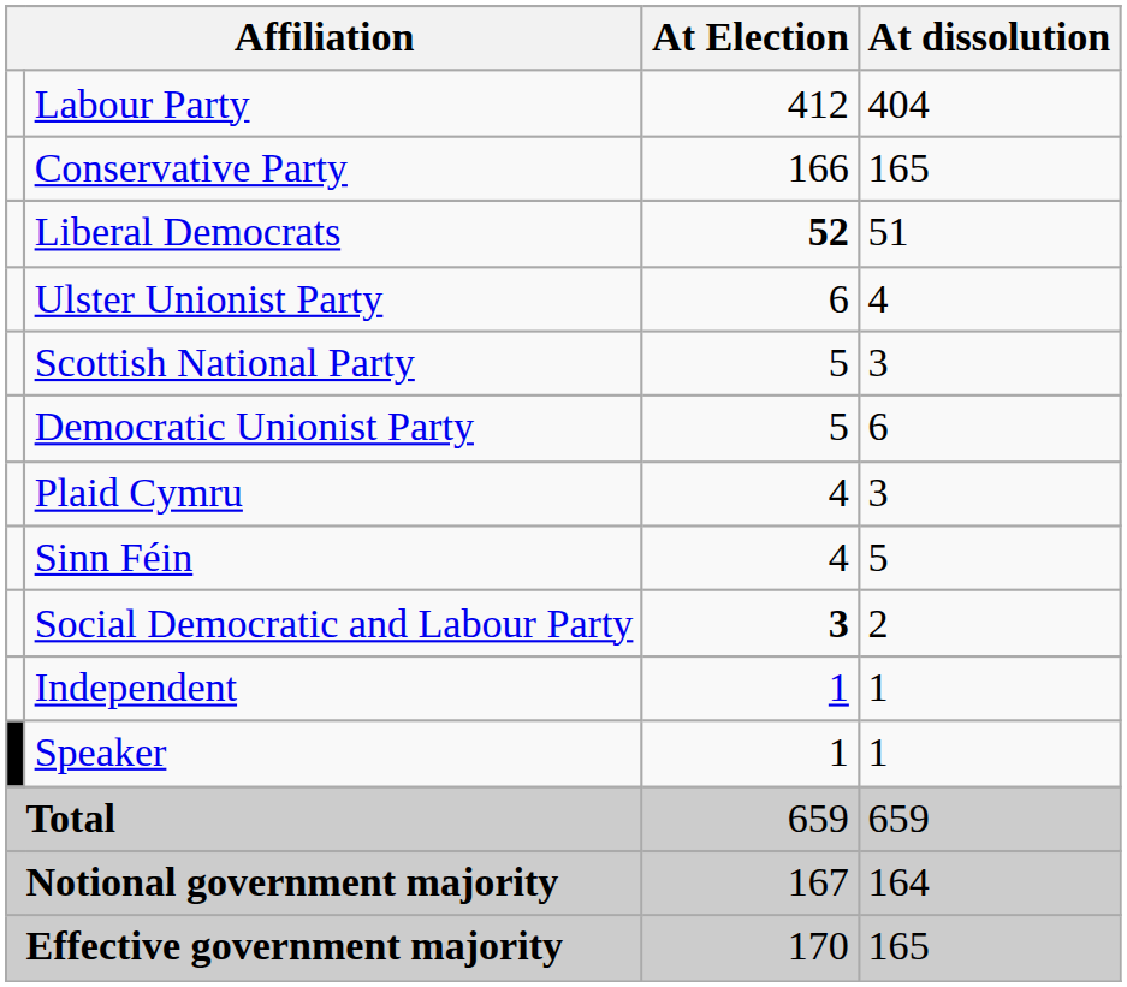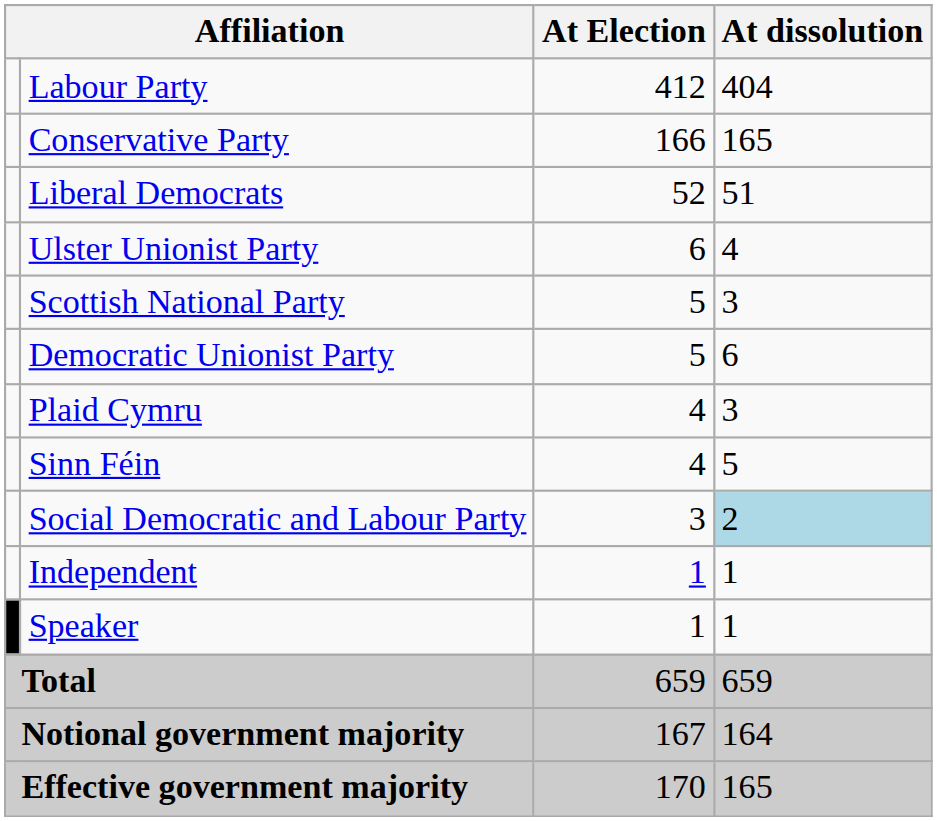 <table class="wikitable">
 <tr>
 <th colspan="2">Affiliation</th>
 <th>At Election</th>
 <th>At dissolution</th>
 </tr>
 <tr>
 <td style="color:inherit;background:"></td>
 <td><a href='#'>Labour Party</a></td>
 <td align="right">412</td>
 <td>404</td>
 </tr>
 <tr>
 <td style="color:inherit;background:"></td>
 <td><a href='#'>Conservative Party</a></td>
 <td align="right">166</td>
 <td>165</td>
 </tr>
 <tr>
 <td style="color:inherit;background:"></td>
 <td><a href='#'>Liberal Democrats</a></td>
-<td align="right"><strong>52</strong></td>
+<td align="right">52</td>
 <td>51</td>
 </tr>
 <tr>
 <td style="color:inherit;background:"></td>
 <td><a href='#'>Ulster Unionist Party</a></td>
 <td align="right">6</td>
 <td>4</td>
 </tr>
 <tr>
 <td style="color:inherit;background:"></td>
 <td><a href='#'>Scottish National Party</a></td>
 <td align="right">5</td>
 <td>3</td>
 </tr>
 <tr>
 <td style="color:inherit;background:"></td>
 <td><a href='#'>Democratic Unionist Party</a></td>
 <td align="right">5</td>
 <td>6</td>
 </tr>
 <tr>
 <td style="color:inherit;background:"></td>
 <td><a href='#'>Plaid Cymru</a></td>
 <td align="right">4</td>
 <td>3</td>
 </tr>
 <tr>
 <td style="color:inherit;background:"></td>
 <td><a href='#'>Sinn Féin</a></td>
 <td align="right">4</td>
 <td>5</td>
 </tr>
 <tr>
 <td style="color:inherit;background:"></td>
 <td><a href='#'>Social Democratic and Labour Party</a></td>
-<td align="right"><strong>3</strong></td>
-<td>2</td>
+<td align="right">3</td>
+<td style="background: lightblue;">2</td>
 </tr>
 <tr>
 <td style="color:inherit;background:"></td>
 <td><a href='#'>Independent</a></td>
 <td align="right"><a href='#'>1</a></td>
 <td>1</td>
 </tr>
 <tr>
 <td bgcolor="black"></td>
 <td><a href='#'>Speaker</a></td>
 <td align="right">1</td>
 <td>1</td>
 </tr>
 <tr bgcolor="CCCCCC">
 <td colspan="2" rowspan="1"> <strong>Total</strong></td>
 <td align="right">659</td>
 <td>659</td>
 </tr>
 <tr bgcolor="CCCCCC">
 <td colspan="2" rowspan="1"> <strong>Notional government majority</strong></td>
 <td align="right">167</td>
 <td>164</td>
 </tr>
 <tr bgcolor="CCCCCC">
 <td colspan="2" rowspan="1"> <strong>Effective government majority</strong></td>
 <td align="right">170</td>
 <td>165</td>
 </tr>
 <tr>
 </tr>
 </table>
